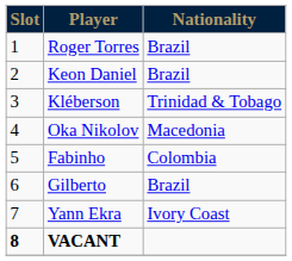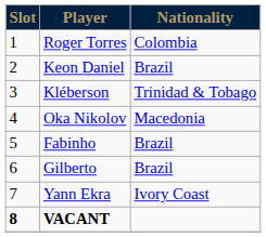 <table class="wikitable" style="text-align:left;margin-left:1em;float:;font-size:100%;">
 <tr>
 <th style="background:#002040; color:#B19B69;" scope="col">Slot</th>
 <th style="background:#002040; color:#B19B69;" scope="col">Player</th>
 <th style="background:#002040; color:#B19B69;" scope="col">Nationality</th>
 </tr>
 <tr>
 <td>1</td>
 <td><a href='#'>Roger Torres</a></td>
-<td> <a href='#'>Brazil</a></td>
+<td> <a href='#'>Colombia</a></td>
 </tr>
 <tr>
 <td>2</td>
 <td><a href='#'>Keon Daniel</a></td>
 <td> <a href='#'>Brazil</a></td>
 </tr>
 <tr>
 <td>3</td>
 <td><a href='#'>Kléberson</a></td>
 <td> <a href='#'>Trinidad & Tobago</a></td>
 </tr>
 <tr>
 <td>4</td>
 <td><a href='#'>Oka Nikolov</a></td>
 <td> <a href='#'>Macedonia</a></td>
 </tr>
 <tr>
 <td>5</td>
 <td><a href='#'>Fabinho</a></td>
-<td> <a href='#'>Colombia</a></td>
+<td> <a href='#'>Brazil</a></td>
 </tr>
 <tr>
 <td>6</td>
 <td><a href='#'>Gilberto</a></td>
 <td> <a href='#'>Brazil</a></td>
 </tr>
 <tr>
 <td>7</td>
 <td><a href='#'>Yann Ekra</a></td>
 <td> <a href='#'>Ivory Coast</a></td>
 </tr>
 <tr>
 <td><strong>8</strong></td>
 <td><strong>VACANT</strong></td>
 <td></td>
 </tr>
 <tr>
 </tr>
 </table>
